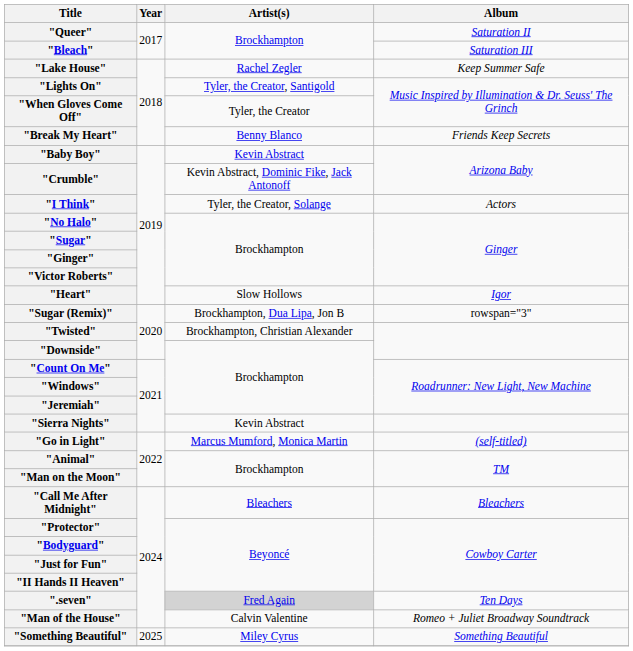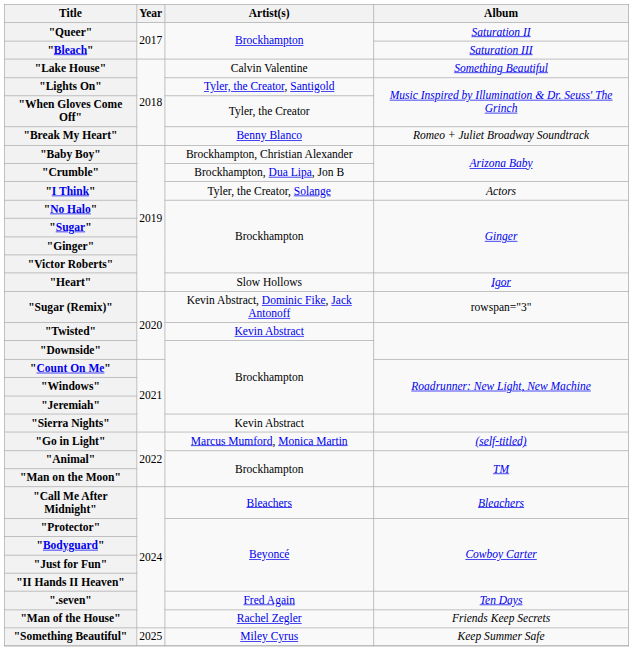 <table class="wikitable plainrowheaders" style="text-align:center;">
 <tr>
 <th scope="col">Title</th>
 <th scope="col">Year</th>
 <th scope="col">Artist(s)</th>
 <th scope="col">Album</th>
 </tr>
 <tr>
 <th scope="row">"Queer"</th>
 <td rowspan="2">2017</td>
 <td rowspan="2"><a href='#'>Brockhampton</a></td>
 <td><em><a href='#'>Saturation II</a></em></td>
 </tr>
 <tr>
 <th scope="row">"<a href='#'>Bleach</a>"</th>
 <td><em><a href='#'>Saturation III</a></em></td>
 </tr>
 <tr>
 <th scope="row">"Lake House"</th>
 <td rowspan="4">2018</td>
-<td><a href='#'>Rachel Zegler</a></td>
-<td><em>Keep Summer Safe</em></td>
+<td>Calvin Valentine</td>
+<td><em><a href='#'>Something Beautiful</a></em></td>
 </tr>
 <tr>
 <th scope="row">"Lights On"</th>
 <td><a href='#'>Tyler, the Creator</a>, <a href='#'>Santigold</a></td>
 <td rowspan="2"><em><a href='#'>Music Inspired by Illumination & Dr. Seuss' The Grinch</a></em></td>
 </tr>
 <tr>
 <th scope="row">"When Gloves Come Off"</th>
 <td>Tyler, the Creator</td>
 </tr>
 <tr>
 <th scope="row">"Break My Heart"</th>
 <td><a href='#'>Benny Blanco</a></td>
-<td><em>Friends Keep Secrets</em></td>
+<td><em>Romeo + Juliet Broadway Soundtrack</em></td>
 </tr>
 <tr>
 <th scope="row">"Baby Boy"</th>
 <td rowspan="8">2019</td>
-<td><a href='#'>Kevin Abstract</a></td>
+<td>Brockhampton, Christian Alexander</td>
 <td rowspan="2"><em><a href='#'>Arizona Baby</a></em></td>
 </tr>
 <tr>
 <th scope="row">"Crumble"</th>
-<td>Kevin Abstract, <a href='#'>Dominic Fike</a>, <a href='#'>Jack Antonoff</a></td>
+<td>Brockhampton, <a href='#'>Dua Lipa</a>, Jon B</td>
 </tr>
 <tr>
 <th scope="row">"<a href='#'>I Think</a>"</th>
 <td>Tyler, the Creator, <a href='#'>Solange</a></td>
 <td><em>Actors</em></td>
 </tr>
 <tr>
 <th scope="row">"<a href='#'>No Halo</a>"</th>
 <td rowspan="4">Brockhampton</td>
 <td rowspan="4"><em><a href='#'>Ginger</a></em></td>
 </tr>
 <tr>
 <th scope="row">"<a href='#'>Sugar</a>"</th>
 </tr>
 <tr>
 <th scope="row">"Ginger"</th>
 </tr>
 <tr>
 <th scope="row">"Victor Roberts"</th>
 </tr>
 <tr>
 <th scope="row">"Heart"</th>
 <td>Slow Hollows</td>
 <td><em><a href='#'>Igor</a></em></td>
 </tr>
 <tr>
 <th scope="row">"Sugar (Remix)"</th>
 <td rowspan="3">2020</td>
-<td>Brockhampton, <a href='#'>Dua Lipa</a>, Jon B</td>
+<td>Kevin Abstract, <a href='#'>Dominic Fike</a>, <a href='#'>Jack Antonoff</a></td>
 <td>rowspan="3" </td>
 </tr>
 <tr>
 <th scope="row">"Twisted"</th>
-<td>Brockhampton, Christian Alexander</td>
+<td><a href='#'>Kevin Abstract</a></td>
 </tr>
 <tr>
 <th scope="row">"Downside"</th>
 <td rowspan="4">Brockhampton</td>
 </tr>
 <tr>
 <th scope="row">"<a href='#'>Count On Me</a>"</th>
 <td rowspan="4">2021</td>
 <td rowspan="3"><em><a href='#'>Roadrunner: New Light, New Machine</a></em></td>
 </tr>
 <tr>
 <th scope="row">"Windows"</th>
 </tr>
 <tr>
 <th scope="row">"Jeremiah"</th>
 </tr>
 <tr>
 <th scope="row">"Sierra Nights"</th>
 <td>Kevin Abstract</td>
 <td></td>
 </tr>
 <tr>
 <th scope="row">"Go in Light"</th>
 <td rowspan="3">2022</td>
 <td><a href='#'>Marcus Mumford</a>, <a href='#'>Monica Martin</a></td>
 <td><em><a href='#'>(self-titled)</a></em></td>
 </tr>
 <tr>
 <th scope="row">"Animal"</th>
 <td rowspan="2">Brockhampton</td>
 <td rowspan="2"><em><a href='#'>TM</a></em></td>
 </tr>
 <tr>
 <th scope="row">"Man on the Moon"</th>
 </tr>
 <tr>
 <th scope="row">"Call Me After Midnight"</th>
 <td rowspan="7">2024</td>
 <td><a href='#'>Bleachers</a></td>
 <td><em><a href='#'>Bleachers</a></em></td>
 </tr>
 <tr>
 <th scope="row">"Protector"</th>
 <td rowspan="4"><a href='#'>Beyoncé</a></td>
 <td rowspan="4"><em><a href='#'>Cowboy Carter</a></em></td>
 </tr>
 <tr>
 <th scope="row">"<a href='#'>Bodyguard</a>"</th>
 </tr>
 <tr>
 <th scope="row">"Just for Fun"</th>
 </tr>
 <tr>
 <th scope="row">"II Hands II Heaven"</th>
 </tr>
 <tr>
 <th scope="row">".seven"</th>
-<td style="background: lightgrey;"><a href='#'>Fred Again</a></td>
+<td><a href='#'>Fred Again</a></td>
 <td><em><a href='#'>Ten Days</a></em></td>
 </tr>
 <tr>
 <th scope="row">"Man of the House"</th>
-<td>Calvin Valentine</td>
-<td><em>Romeo + Juliet Broadway Soundtrack</em></td>
+<td><a href='#'>Rachel Zegler</a></td>
+<td><em>Friends Keep Secrets</em></td>
 </tr>
 <tr>
 <th scope="row">"Something Beautiful"</th>
 <td>2025</td>
 <td><a href='#'>Miley Cyrus</a></td>
-<td><em><a href='#'>Something Beautiful</a></em></td>
+<td><em>Keep Summer Safe</em></td>
 </tr>
 <tr>
 </tr>
 </table>
